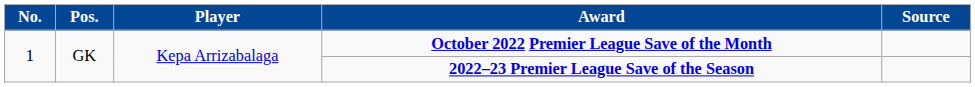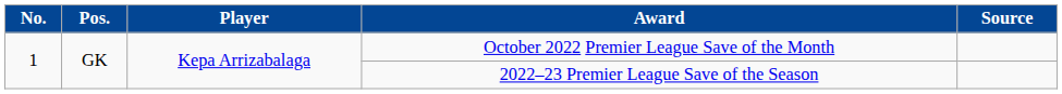 <table class="wikitable" style="text-align:center; width:75%">
 <tr>
 <th scope="col" style="background:#034694; color:#FFFFFF">No.</th>
 <th scope="col" style="background:#034694; color:#FFFFFF">Pos.</th>
 <th scope="col" style="background:#034694; color:#FFFFFF">Player</th>
 <th scope="col" style="background:#034694; color:#FFFFFF">Award</th>
 <th scope="col" style="background:#034694; color:#FFFFFF">Source</th>
 </tr>
 <tr>
 <td rowspan="2">1</td>
 <td rowspan="2">GK</td>
 <td rowspan="2"> <a href='#'>Kepa Arrizabalaga</a></td>
-<td><strong><a href='#'>October 2022</a> <a href='#'>Premier League Save of the Month</a></strong></td>
+<td><a href='#'>October 2022</a> <a href='#'>Premier League Save of the Month</a></td>
 <td></td>
 </tr>
 <tr>
-<td><strong><a href='#'>2022–23 Premier League Save of the Season</a></strong></td>
+<td><a href='#'>2022–23 Premier League Save of the Season</a></td>
 <td></td>
 </tr>
 </table>
